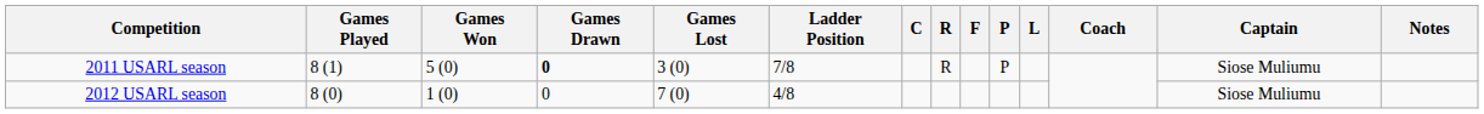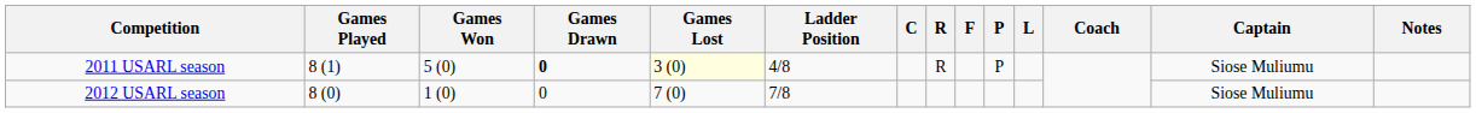 <table class="wikitable" width="100%" style="font-size:90%">
 <tr>
 <th>Competition</th>
 <th>Games<br>Played</th>
 <th>Games<br>Won</th>
 <th>Games<br>Drawn</th>
 <th>Games<br>Lost</th>
 <th>Ladder<br>Position</th>
 <th width="2%">C</th>
 <th width="2%">R</th>
 <th width="2%">F</th>
 <th width="2%">P</th>
 <th width="2%">L</th>
 <th>Coach</th>
 <th>Captain</th>
 <th>Notes</th>
 </tr>
 <tr>
 <td style="text-align:center;"><a href='#'>2011 USARL season</a></td>
 <td>8 (1)</td>
 <td>5 (0)</td>
 <td><strong>0</strong></td>
-<td>3 (0)</td>
-<td>7/8</td>
+<td style="background: lightyellow;">3 (0)</td>
+<td>4/8</td>
 <td></td>
 <td style="text-align:center;">R</td>
 <td></td>
 <td style="text-align:center;">P</td>
 <td></td>
 <td rowspan="2"></td>
 <td rowspan="1" style="text-align:center;">Siose Muliumu</td>
 <td style="text-align:center;"><strong> </strong></td>
 </tr>
 <tr>
 <td style="text-align:center;"><a href='#'>2012 USARL season</a></td>
 <td>8 (0)</td>
 <td>1 (0)</td>
 <td>0</td>
 <td>7 (0)</td>
-<td>4/8</td>
+<td>7/8</td>
 <td></td>
 <td></td>
 <td></td>
 <td></td>
 <td></td>
 <td rowspan="1" style="text-align:center;">Siose Muliumu</td>
 <td style="text-align:center;"><strong> </strong></td>
 </tr>
 </table>
